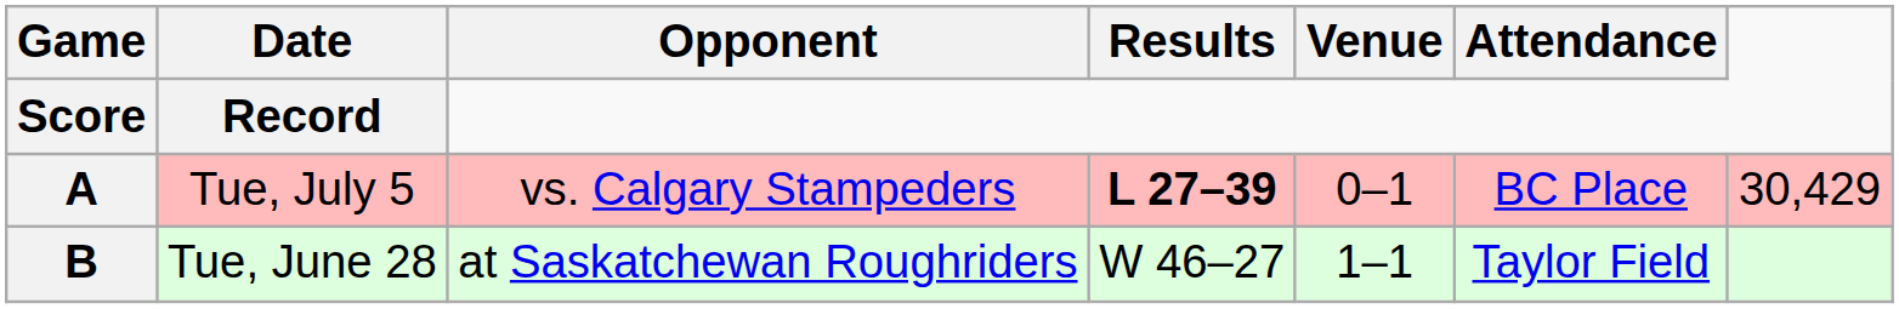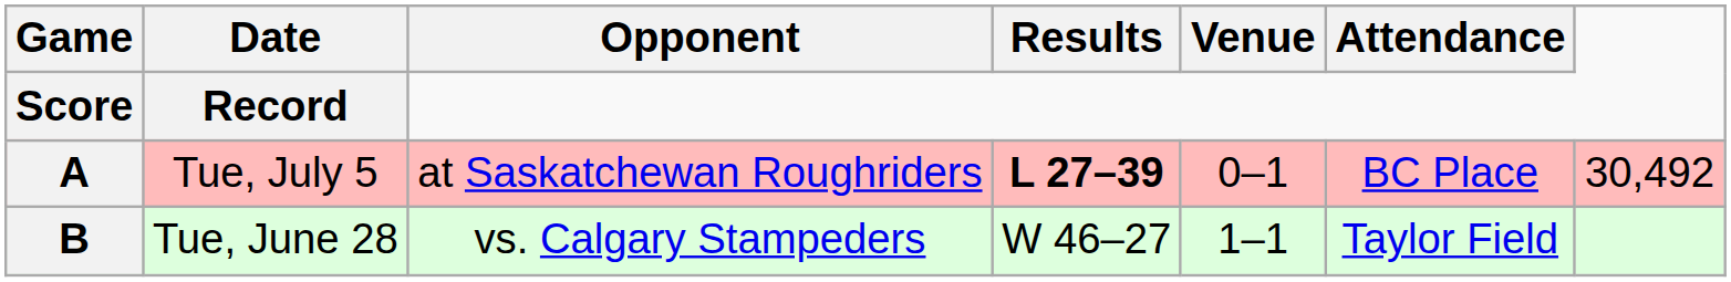 <table class="wikitable" style="text-align:center">
 <tr>
 <th>Game</th>
 <th>Date</th>
 <th>Opponent</th>
 <th>Results</th>
 <th>Venue</th>
 <th>Attendance</th>
 </tr>
 <tr>
 <th>Score</th>
 <th>Record</th>
 </tr>
 <tr style="background:#ffbbbb">
 <th>A</th>
 <td>Tue, July 5</td>
-<td>vs. <a href='#'>Calgary Stampeders</a></td>
+<td>at <a href='#'>Saskatchewan Roughriders</a></td>
 <td><strong>L 27–39</strong></td>
 <td>0–1</td>
 <td><a href='#'>BC Place</a></td>
-<td>30,429</td>
+<td>30,492</td>
 </tr>
 <tr style="background:#ddffdd">
 <th>B</th>
 <td>Tue, June 28</td>
-<td>at <a href='#'>Saskatchewan Roughriders</a></td>
+<td>vs. <a href='#'>Calgary Stampeders</a></td>
 <td>W 46–27</td>
 <td>1–1</td>
 <td><a href='#'>Taylor Field</a></td>
 <td></td>
 </tr>
 </table>
